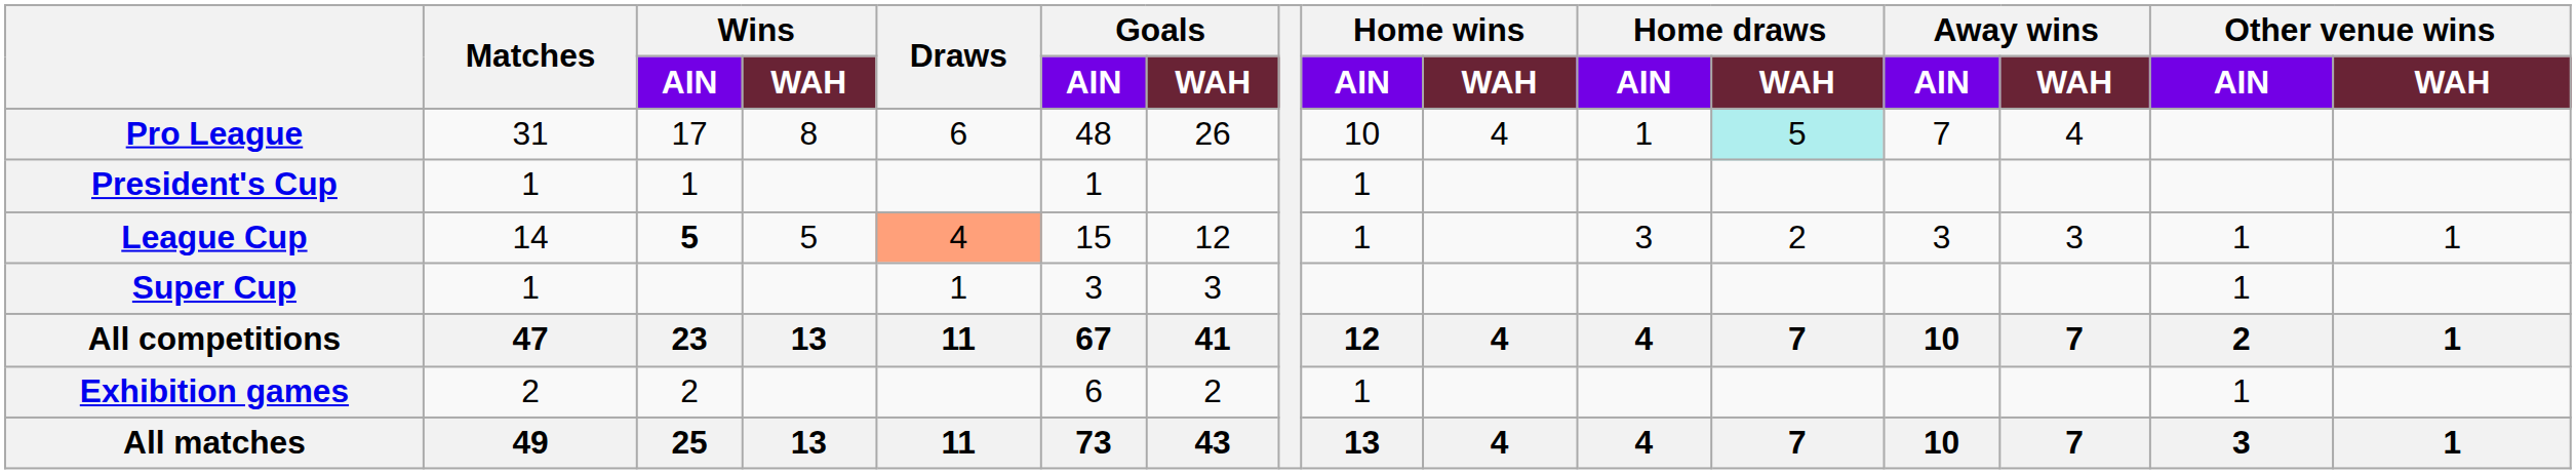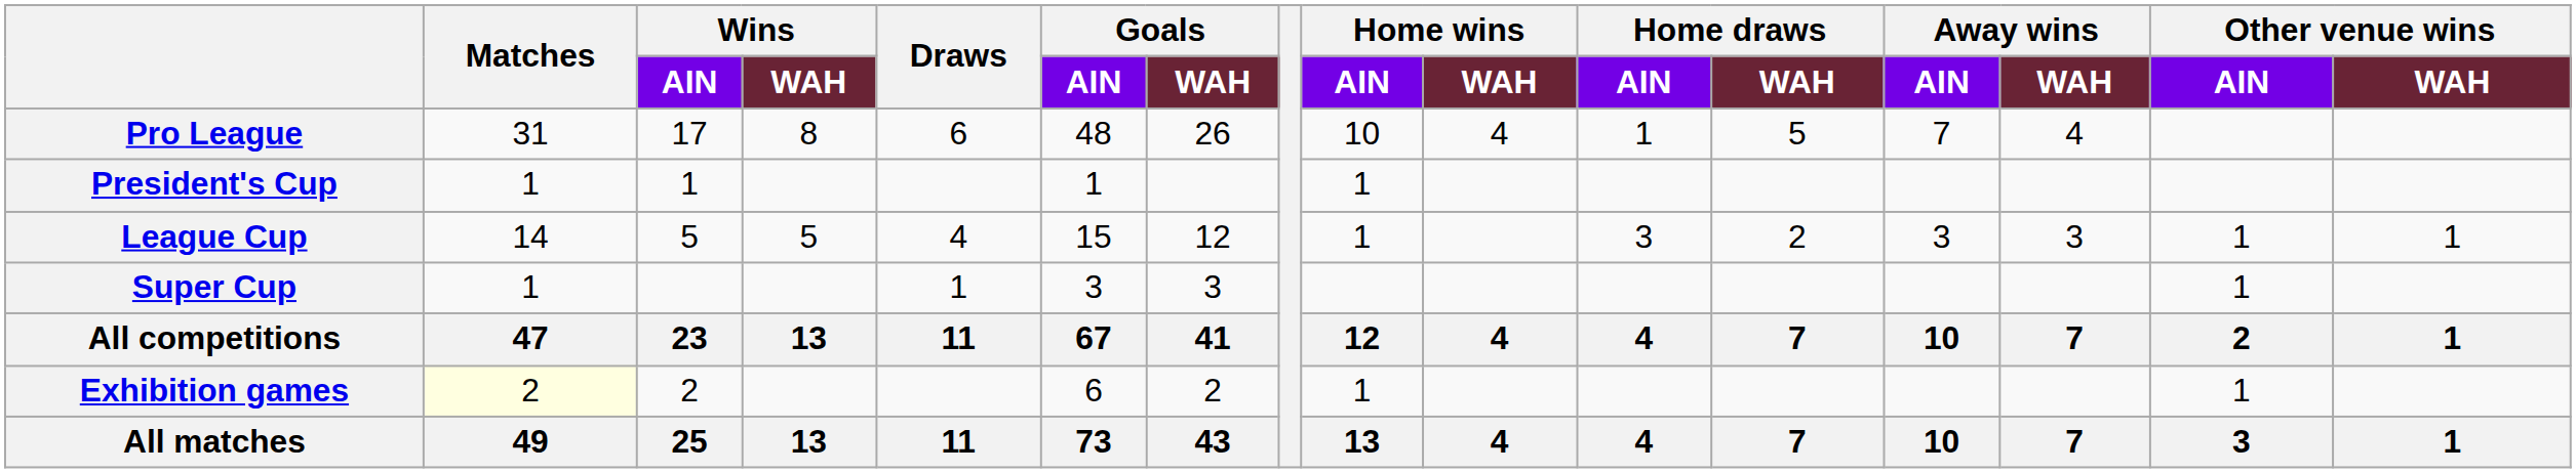 <table width=100% class="wikitable" style="text-align: center;">
 <tr>
 <th rowspan="2"></th>
 <th rowspan="2">Matches</th>
 <th colspan="2">Wins</th>
 <th rowspan="2">Draws</th>
 <th colspan="2">Goals</th>
 <th rowspan="11"></th>
 <th colspan="2">Home wins</th>
 <th colspan="2">Home draws</th>
 <th colspan="2">Away wins</th>
 <th colspan="2">Other venue wins</th>
 </tr>
 <tr>
 <th style="color:white; background: #7300E6;">AIN</th>
 <th style="color:white; background: #692335;">WAH</th>
 <th style="color:white; background: #7300E6;">AIN</th>
 <th style="color:white; background: #692335;">WAH</th>
 <th style="color:white; background: #7300E6;">AIN</th>
 <th style="color:white; background: #692335;">WAH</th>
 <th style="color:white; background: #7300E6;">AIN</th>
 <th style="color:white; background: #692335;">WAH</th>
 <th style="color:white; background: #7300E6;">AIN</th>
 <th style="color:white; background: #692335;">WAH</th>
 <th style="color:white; background: #7300E6;">AIN</th>
 <th style="color:white; background: #692335;">WAH</th>
 </tr>
 <tr>
 <th scope="row"><a href='#'>Pro League</a></th>
 <td>31</td>
 <td>17</td>
 <td>8</td>
 <td>6</td>
 <td>48</td>
 <td>26</td>
 <td>10</td>
 <td>4</td>
 <td>1</td>
-<td style="background: paleturquoise;">5</td>
+<td>5</td>
 <td>7</td>
 <td>4</td>
 <td></td>
 <td></td>
 </tr>
 <tr>
 <th scope="row"><a href='#'>President's Cup</a></th>
 <td>1</td>
 <td>1</td>
 <td></td>
 <td></td>
 <td>1</td>
 <td></td>
 <td>1</td>
 <td></td>
 <td></td>
 <td></td>
 <td></td>
 <td></td>
 <td></td>
 <td></td>
 </tr>
 <tr>
 <th scope="row"><a href='#'>League Cup</a></th>
 <td>14</td>
-<td><strong>5</strong></td>
 <td>5</td>
-<td style="background: lightsalmon;">4</td>
+<td>5</td>
+<td>4</td>
 <td>15</td>
 <td>12</td>
 <td>1</td>
 <td></td>
 <td>3</td>
 <td>2</td>
 <td>3</td>
 <td>3</td>
 <td>1</td>
 <td>1</td>
 </tr>
 <tr>
 <th scope="row"><a href='#'>Super Cup</a></th>
 <td>1</td>
 <td></td>
 <td></td>
 <td>1</td>
 <td>3</td>
 <td>3</td>
 <td></td>
 <td></td>
 <td></td>
 <td></td>
 <td></td>
 <td></td>
 <td>1</td>
 <td></td>
 </tr>
 <tr>
 <th scope="row">All competitions</th>
 <th>47</th>
 <th>23</th>
 <th>13</th>
 <th>11</th>
 <th>67</th>
 <th>41</th>
 <th>12</th>
 <th>4</th>
 <th>4</th>
 <th>7</th>
 <th>10</th>
 <th>7</th>
 <th>2</th>
 <th>1</th>
 </tr>
 <tr>
 <th scope="row"><a href='#'>Exhibition games</a></th>
-<td>2</td>
+<td style="background: lightyellow;">2</td>
 <td>2</td>
 <td></td>
 <td></td>
 <td>6</td>
 <td>2</td>
 <td>1</td>
 <td></td>
 <td></td>
 <td></td>
 <td></td>
 <td></td>
 <td>1</td>
 <td></td>
 </tr>
 <tr>
 <th scope="row">All matches</th>
 <th scope="row">49</th>
 <th>25</th>
 <th>13</th>
 <th>11</th>
 <th>73</th>
 <th>43</th>
 <th>13</th>
 <th>4</th>
 <th>4</th>
 <th>7</th>
 <th>10</th>
 <th>7</th>
 <th>3</th>
 <th>1</th>
 </tr>
 </table>
